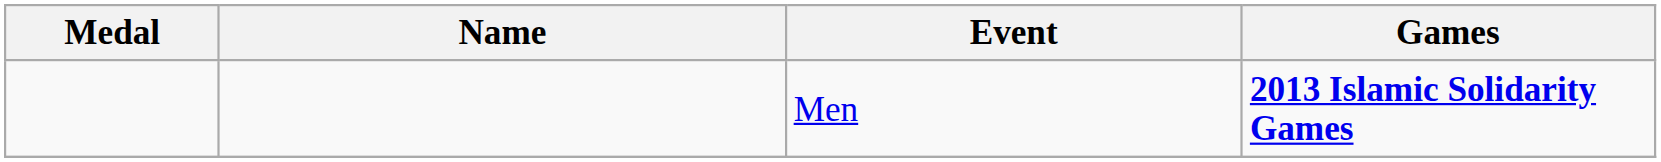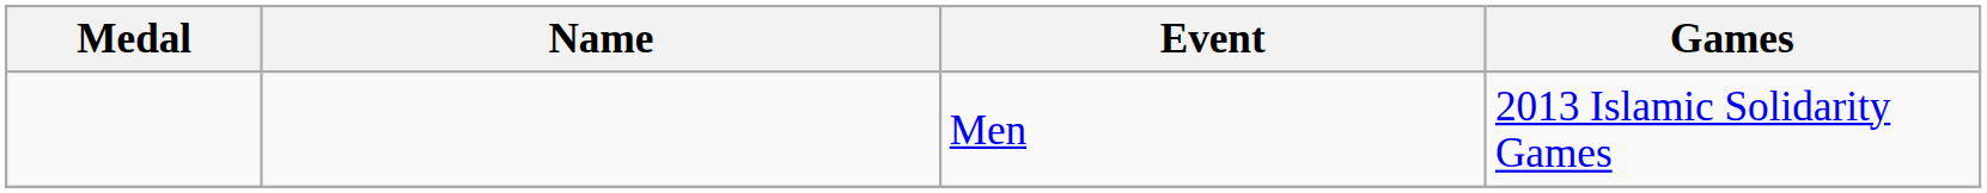 <table class="wikitable sortable" style="font-size:100%">
 <tr>
 <th width="90">Medal</th>
 <th width="250">Name</th>
 <th width="200">Event</th>
 <th width="180">Games</th>
 </tr>
 <tr>
 <td></td>
 <td></td>
 <td><a href='#'>Men</a></td>
-<td><strong><a href='#'>2013 Islamic Solidarity Games</a></strong></td>
+<td><a href='#'>2013 Islamic Solidarity Games</a></td>
 </tr>
 <tr>
 </tr>
 </table>
